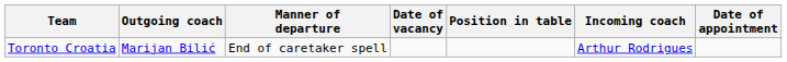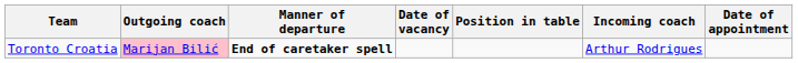 <table class="wikitable sortable">
 <tr>
 <th>Team</th>
 <th>Outgoing coach</th>
 <th>Manner of <br> departure</th>
 <th>Date of <br> vacancy</th>
 <th>Position in table</th>
 <th>Incoming coach</th>
 <th>Date of <br> appointment</th>
 </tr>
 <tr>
 <td><a href='#'>Toronto Croatia</a></td>
-<td><a href='#'>Marijan Bilić</a></td>
-<td>End of caretaker spell</td>
+<td style="background: pink;"><a href='#'>Marijan Bilić</a></td>
+<td><strong>End of caretaker spell</strong></td>
 <td></td>
 <td></td>
 <td><a href='#'>Arthur Rodrigues</a></td>
 </tr>
 </table>
